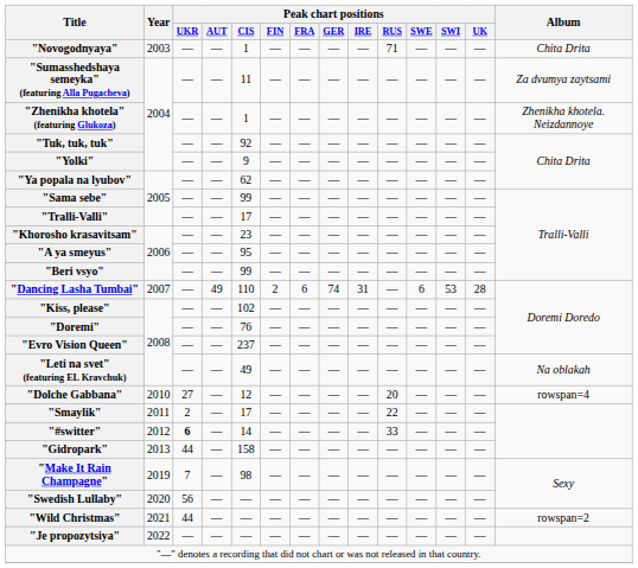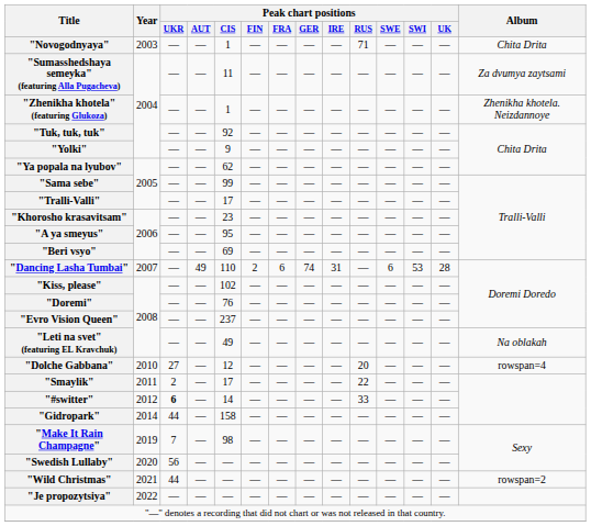 <table class="wikitable plainrowheaders" style="text-align:center;">
 <tr>
 <th rowspan=2>Title</th>
 <th rowspan=2>Year</th>
 <th colspan=11>Peak chart positions</th>
 <th rowspan=2>Album</th>
 </tr>
 <tr>
 <th colspan=1 style="width:2.5em; font-size:85%"><a href='#'>UKR</a> <br></th>
 <th rowspan=1 style="width:2.5em; font-size:85%"><a href='#'>AUT</a><br></th>
 <th rowspan=1 style="width:2.5em; font-size:85%"><a href='#'>CIS</a><br></th>
 <th rowspan=1 style="width:2.5em; font-size:85%"><a href='#'>FIN</a><br></th>
 <th rowspan=1 style="width:2.5em; font-size:85%"><a href='#'>FRA</a><br></th>
 <th rowspan=1 style="width:2.5em; font-size:85%"><a href='#'>GER</a><br></th>
 <th rowspan=1 style="width:2.5em; font-size:85%"><a href='#'>IRE</a><br></th>
 <th rowspan=1 style="width:2.5em; font-size:85%"><a href='#'>RUS</a><br></th>
 <th rowspan=1 style="width:2.5em; font-size:85%"><a href='#'>SWE</a><br></th>
 <th rowspan=1 style="width:2.5em; font-size:85%"><a href='#'>SWI</a><br></th>
 <th rowspan=1 style="width:2.5em; font-size:85%"><a href='#'>UK</a><br></th>
 </tr>
 <tr>
 <th scope="row">"Novogodnyaya"</th>
 <td>2003</td>
 <td>—</td>
 <td>—</td>
 <td>1</td>
 <td>—</td>
 <td>—</td>
 <td>—</td>
 <td>—</td>
 <td>71</td>
 <td>—</td>
 <td>—</td>
 <td>—</td>
 <td><em>Chita Drita</em></td>
 </tr>
 <tr>
 <th scope="row">"Sumasshedshaya semeyka"<br><small>(featuring <a href='#'>Alla Pugacheva</a>)</small></th>
 <td rowspan=4>2004</td>
 <td>—</td>
 <td>—</td>
 <td>11</td>
 <td>—</td>
 <td>—</td>
 <td>—</td>
 <td>—</td>
 <td>—</td>
 <td>—</td>
 <td>—</td>
 <td>—</td>
 <td><em>Za dvumya zaytsami</em></td>
 </tr>
 <tr>
 <th scope="row">"Zhenikha khotela"<br><small>(featuring <a href='#'>Glukoza</a>)</small></th>
 <td>—</td>
 <td>—</td>
 <td>1</td>
 <td>—</td>
 <td>—</td>
 <td>—</td>
 <td>—</td>
 <td>—</td>
 <td>—</td>
 <td>—</td>
 <td>—</td>
 <td><em>Zhenikha khotela. Neizdannoye</em></td>
 </tr>
 <tr>
 <th scope="row">"Tuk, tuk, tuk"</th>
 <td>—</td>
 <td>—</td>
 <td>92</td>
 <td>—</td>
 <td>—</td>
 <td>—</td>
 <td>—</td>
 <td>—</td>
 <td>—</td>
 <td>—</td>
 <td>—</td>
 <td rowspan=3><em>Chita Drita</em></td>
 </tr>
 <tr>
 <th scope="row">"Yolki"</th>
 <td>—</td>
 <td>—</td>
 <td>9</td>
 <td>—</td>
 <td>—</td>
 <td>—</td>
 <td>—</td>
 <td>—</td>
 <td>—</td>
 <td>—</td>
 <td>—</td>
 </tr>
 <tr>
 <th scope="row">"Ya popala na lyubov"</th>
 <td rowspan=3>2005</td>
 <td>—</td>
 <td>—</td>
 <td>62</td>
 <td>—</td>
 <td>—</td>
 <td>—</td>
 <td>—</td>
 <td>—</td>
 <td>—</td>
 <td>—</td>
 <td>—</td>
 </tr>
 <tr>
 <th scope="row">"Sama sebe"</th>
 <td>—</td>
 <td>—</td>
 <td>99</td>
 <td>—</td>
 <td>—</td>
 <td>—</td>
 <td>—</td>
 <td>—</td>
 <td>—</td>
 <td>—</td>
 <td>—</td>
 <td rowspan=5><em>Tralli-Valli</em></td>
 </tr>
 <tr>
 <th scope="row">"Tralli-Valli"</th>
 <td>—</td>
 <td>—</td>
 <td>17</td>
 <td>—</td>
 <td>—</td>
 <td>—</td>
 <td>—</td>
 <td>—</td>
 <td>—</td>
 <td>—</td>
 <td>—</td>
 </tr>
 <tr>
 <th scope="row">"Khorosho krasavitsam"</th>
 <td rowspan=3>2006</td>
 <td>—</td>
 <td>—</td>
 <td>23</td>
 <td>—</td>
 <td>—</td>
 <td>—</td>
 <td>—</td>
 <td>—</td>
 <td>—</td>
 <td>—</td>
 <td>—</td>
 </tr>
 <tr>
 <th scope="row">"A ya smeyus"</th>
 <td>—</td>
 <td>—</td>
 <td>95</td>
 <td>—</td>
 <td>—</td>
 <td>—</td>
 <td>—</td>
 <td>—</td>
 <td>—</td>
 <td>—</td>
 <td>—</td>
 </tr>
 <tr>
 <th scope="row">"Beri vsyo"</th>
 <td>—</td>
 <td>—</td>
-<td>99</td>
+<td>69</td>
 <td>—</td>
 <td>—</td>
 <td>—</td>
 <td>—</td>
 <td>—</td>
 <td>—</td>
 <td>—</td>
 <td>—</td>
 </tr>
 <tr>
 <th scope="row">"<a href='#'>Dancing Lasha Tumbai</a>"</th>
 <td>2007</td>
 <td>—</td>
 <td>49</td>
 <td>110</td>
 <td>2</td>
 <td>6</td>
 <td>74</td>
 <td>31</td>
 <td>—</td>
 <td>6</td>
 <td>53</td>
 <td>28</td>
 <td rowspan=4><em>Doremi Doredo</em></td>
 </tr>
 <tr>
 <th scope="row">"Kiss, please"</th>
 <td rowspan=4>2008</td>
 <td>—</td>
 <td>—</td>
 <td>102</td>
 <td>—</td>
 <td>—</td>
 <td>—</td>
 <td>—</td>
 <td>—</td>
 <td>—</td>
 <td>—</td>
 <td>—</td>
 </tr>
 <tr>
 <th scope="row">"Doremi"</th>
 <td>—</td>
 <td>—</td>
 <td>76</td>
 <td>—</td>
 <td>—</td>
 <td>—</td>
 <td>—</td>
 <td>—</td>
 <td>—</td>
 <td>—</td>
 <td>—</td>
 </tr>
 <tr>
 <th scope="row">"Evro Vision Queen"</th>
 <td>—</td>
 <td>—</td>
 <td>237</td>
 <td>—</td>
 <td>—</td>
 <td>—</td>
 <td>—</td>
 <td>—</td>
 <td>—</td>
 <td>—</td>
 <td>—</td>
 </tr>
 <tr>
 <th scope="row">"Leti na svet"<br><small>(featuring EL Kravchuk)</small></th>
 <td>—</td>
 <td>—</td>
 <td>49</td>
 <td>—</td>
 <td>—</td>
 <td>—</td>
 <td>—</td>
 <td>—</td>
 <td>—</td>
 <td>—</td>
 <td>—</td>
 <td><em>Na oblakah</em></td>
 </tr>
 <tr>
 <th scope="row">"Dolche Gabbana"</th>
 <td>2010</td>
 <td>27</td>
 <td>—</td>
 <td>12</td>
 <td>—</td>
 <td>—</td>
 <td>—</td>
 <td>—</td>
 <td>20</td>
 <td>—</td>
 <td>—</td>
 <td>—</td>
 <td>rowspan=4 </td>
 </tr>
 <tr>
 <th scope="row">"Smaylik"</th>
 <td>2011</td>
 <td>2</td>
 <td>—</td>
 <td>17</td>
 <td>—</td>
 <td>—</td>
 <td>—</td>
 <td>—</td>
 <td>22</td>
 <td>—</td>
 <td>—</td>
 <td>—</td>
 </tr>
 <tr>
 <th scope="row">"#switter"</th>
 <td>2012</td>
 <td><strong>6</strong></td>
 <td>—</td>
 <td>14</td>
 <td>—</td>
 <td>—</td>
 <td>—</td>
 <td>—</td>
 <td>33</td>
 <td>—</td>
 <td>—</td>
 <td>—</td>
 </tr>
 <tr>
 <th scope="row">"Gidropark"</th>
-<td>2013</td>
+<td>2014</td>
 <td>44</td>
 <td>—</td>
 <td>158</td>
 <td>—</td>
 <td>—</td>
 <td>—</td>
 <td>—</td>
 <td>—</td>
 <td>—</td>
 <td>—</td>
 <td>—</td>
 </tr>
 <tr>
 <th scope="row">"<a href='#'>Make It Rain Champagne</a>"</th>
 <td>2019</td>
 <td>7</td>
 <td>—</td>
 <td>98</td>
 <td>—</td>
 <td>—</td>
 <td>—</td>
 <td>—</td>
 <td>—</td>
 <td>—</td>
 <td>—</td>
 <td>—</td>
 <td rowspan=2><em>Sexy</em></td>
 </tr>
 <tr>
 <th scope="row">"Swedish Lullaby"</th>
 <td>2020</td>
 <td>56</td>
 <td>—</td>
 <td>—</td>
 <td>—</td>
 <td>—</td>
 <td>—</td>
 <td>—</td>
 <td>—</td>
 <td>—</td>
 <td>—</td>
 <td>—</td>
 </tr>
 <tr>
 <th scope="row">"Wild Christmas"</th>
 <td>2021</td>
 <td>44</td>
 <td>—</td>
 <td>—</td>
 <td>—</td>
 <td>—</td>
 <td>—</td>
 <td>—</td>
 <td>—</td>
 <td>—</td>
 <td>—</td>
 <td>—</td>
 <td>rowspan=2 </td>
 </tr>
 <tr>
 <th scope="row">"Je propozytsiya"</th>
 <td>2022</td>
 <td>—</td>
 <td>—</td>
 <td>—</td>
 <td>—</td>
 <td>—</td>
 <td>—</td>
 <td>—</td>
 <td>—</td>
 <td>—</td>
 <td>—</td>
 <td>—</td>
 </tr>
 <tr>
 <td colspan="15" style="font-size:90%">"—" denotes a recording that did not chart or was not released in that country.</td>
 </tr>
 <tr>
 </tr>
 </table>
